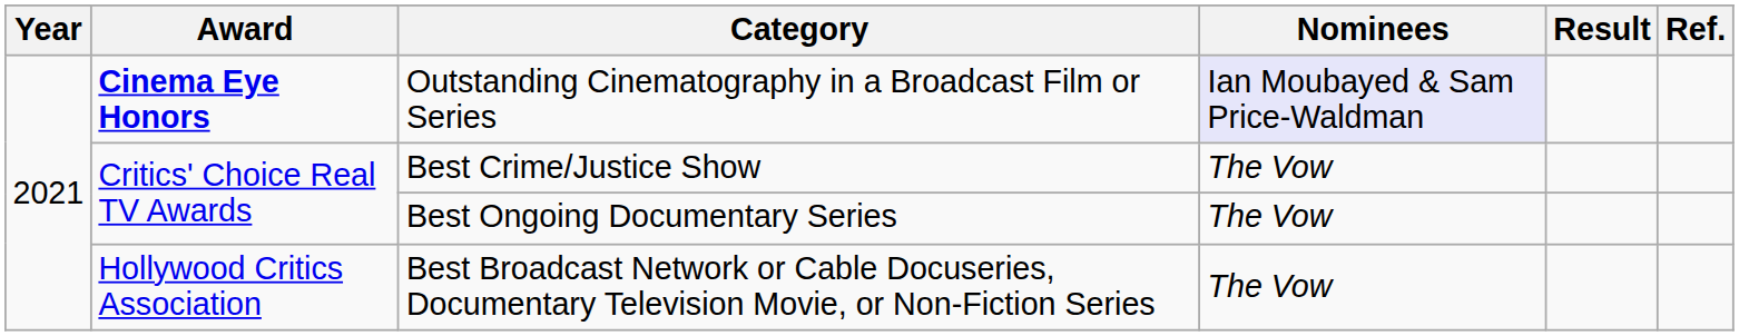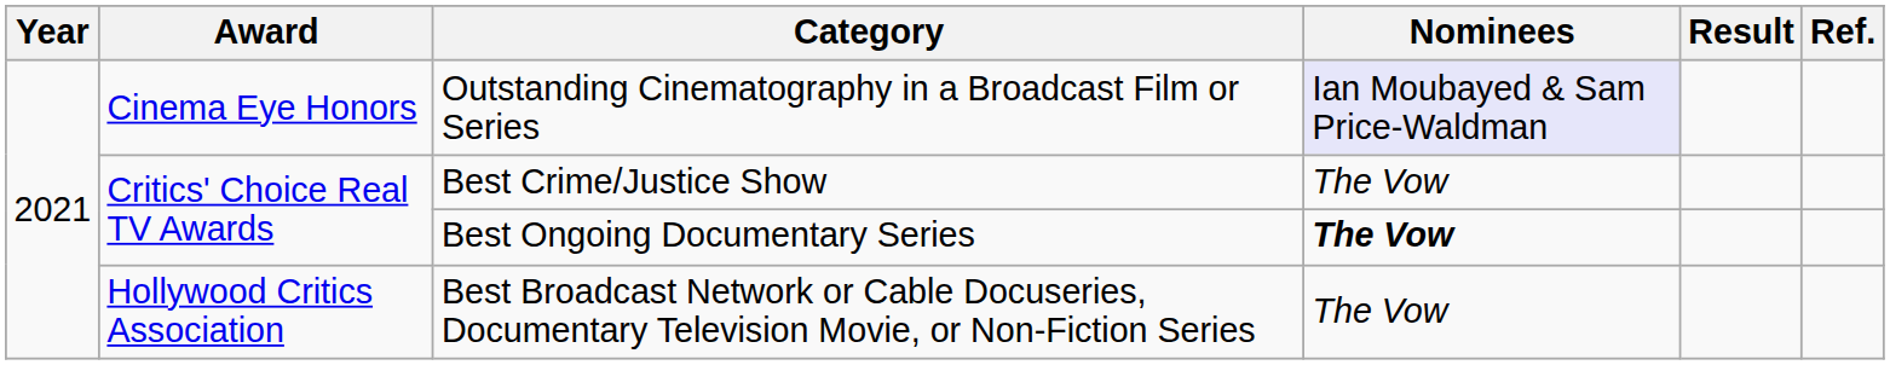 <table class="wikitable sortable">
 <tr>
 <th class="unsortable">Year</th>
 <th>Award</th>
 <th>Category</th>
 <th>Nominees</th>
 <th>Result</th>
 <th class="unsortable"><abbr>Ref.</abbr></th>
 </tr>
 <tr>
 <td rowspan="4">2021</td>
-<td><strong><a href='#'>Cinema Eye Honors</a></strong></td>
+<td><a href='#'>Cinema Eye Honors</a></td>
 <td>Outstanding Cinematography in a Broadcast Film or Series</td>
 <td style="background: lavender;">Ian Moubayed & Sam Price-Waldman</td>
 <td></td>
 <td></td>
 </tr>
 <tr>
 <td rowspan="2"><a href='#'>Critics' Choice Real TV Awards</a></td>
 <td>Best Crime/Justice Show</td>
 <td><em>The Vow</em></td>
 <td></td>
 <td></td>
 </tr>
 <tr>
 <td>Best Ongoing Documentary Series</td>
-<td><em>The Vow</em></td>
+<td><strong><em>The Vow</em></strong></td>
 <td></td>
 <td></td>
 </tr>
 <tr>
 <td><a href='#'>Hollywood Critics Association</a></td>
 <td>Best Broadcast Network or Cable Docuseries, Documentary Television Movie, or Non-Fiction Series</td>
 <td><em>The Vow</em></td>
 <td></td>
 <td></td>
 </tr>
 </table>
